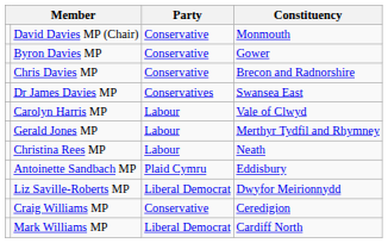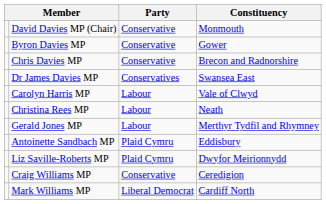 <table class="wikitable">
 <tr>
 <th colspan="2" valign="top">Member</th>
 <th valign="top">Party</th>
 <th valign="top">Constituency</th>
 </tr>
 <tr>
 <td style="color:inherit;background:"></td>
 <td><a href='#'>David Davies</a> MP (Chair)</td>
 <td><a href='#'>Conservative</a></td>
 <td><a href='#'>Monmouth</a></td>
 </tr>
 <tr>
 <td style="color:inherit;background:"></td>
 <td><a href='#'>Byron Davies</a> MP</td>
 <td><a href='#'>Conservative</a></td>
 <td><a href='#'>Gower</a></td>
 </tr>
 <tr>
 <td style="color:inherit;background:"></td>
 <td><a href='#'>Chris Davies</a> MP</td>
 <td><a href='#'>Conservative</a></td>
 <td><a href='#'>Brecon and Radnorshire</a></td>
 </tr>
 <tr>
 <td style="color:inherit;background:"></td>
 <td><a href='#'>Dr James Davies</a> MP</td>
 <td><a href='#'>Conservatives</a></td>
 <td><a href='#'>Swansea East</a></td>
 </tr>
 <tr>
 <td style="color:inherit;background:"></td>
 <td><a href='#'>Carolyn Harris</a> MP</td>
 <td><a href='#'>Labour</a></td>
 <td><a href='#'>Vale of Clwyd</a></td>
 </tr>
 <tr>
 <td style="color:inherit;background:"></td>
+<td><a href='#'>Christina Rees</a> MP</td>
+<td><a href='#'>Labour</a></td>
+<td><a href='#'>Neath</a></td>
+</tr>
+<tr>
+<td style="color:inherit;background:"></td>
 <td><a href='#'>Gerald Jones</a> MP</td>
 <td><a href='#'>Labour</a></td>
 <td><a href='#'>Merthyr Tydfil and Rhymney</a></td>
-</tr>
-<tr>
-<td style="color:inherit;background:"></td>
-<td><a href='#'>Christina Rees</a> MP</td>
-<td><a href='#'>Labour</a></td>
-<td><a href='#'>Neath</a></td>
 </tr>
 <tr>
 <td style="color:inherit;background:"></td>
 <td><a href='#'>Antoinette Sandbach</a> MP</td>
 <td><a href='#'>Plaid Cymru</a></td>
 <td><a href='#'>Eddisbury</a></td>
 </tr>
 <tr>
 <td style="color:inherit;background:"></td>
 <td><a href='#'>Liz Saville-Roberts</a> MP</td>
-<td><a href='#'>Liberal Democrat</a></td>
+<td><a href='#'>Plaid Cymru</a></td>
 <td><a href='#'>Dwyfor Meirionnydd</a></td>
 </tr>
 <tr>
 <td style="color:inherit;background:"></td>
 <td><a href='#'>Craig Williams</a> MP</td>
 <td><a href='#'>Conservative</a></td>
 <td><a href='#'>Ceredigion</a></td>
 </tr>
 <tr>
 <td style="color:inherit;background:"></td>
 <td><a href='#'>Mark Williams</a> MP</td>
 <td><a href='#'>Liberal Democrat</a></td>
 <td><a href='#'>Cardiff North</a></td>
 </tr>
 </table>
